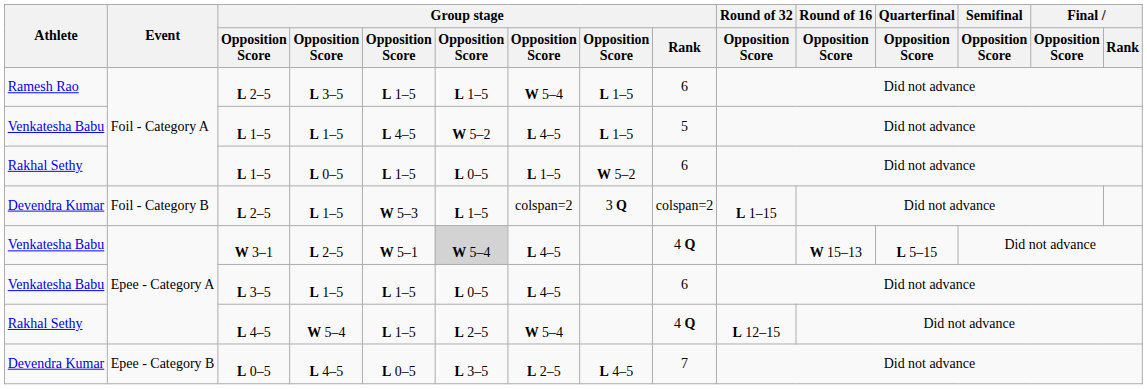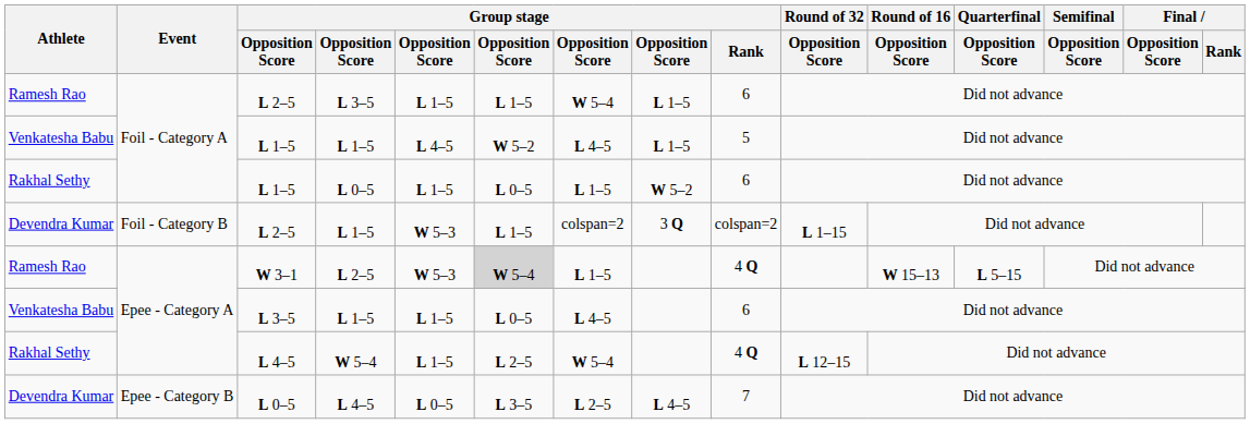 <table class=wikitable style="text-align:center; font-size:90%">
 <tr>
 <th rowspan=2>Athlete</th>
 <th rowspan=2>Event</th>
 <th colspan=7>Group stage</th>
 <th>Round of 32</th>
 <th>Round of 16</th>
 <th>Quarterfinal</th>
 <th>Semifinal</th>
 <th colspan=2>Final / </th>
 </tr>
 <tr>
 <th>Opposition<br>Score</th>
 <th>Opposition<br>Score</th>
 <th>Opposition<br>Score</th>
 <th>Opposition<br>Score</th>
 <th>Opposition<br>Score</th>
 <th>Opposition<br>Score</th>
 <th>Rank</th>
 <th>Opposition<br>Score</th>
 <th>Opposition<br>Score</th>
 <th>Opposition<br>Score</th>
 <th>Opposition<br>Score</th>
 <th>Opposition<br>Score</th>
 <th>Rank</th>
 </tr>
 <tr>
 <td align=left><a href='#'>Ramesh Rao</a></td>
 <td align=left rowspan=3>Foil - Category A</td>
 <td><br><strong>L</strong> 2–5</td>
 <td><br><strong>L</strong> 3–5</td>
 <td><br><strong>L</strong> 1–5</td>
 <td><br><strong>L</strong> 1–5</td>
 <td><br><strong>W</strong> 5–4</td>
 <td><br><strong>L</strong> 1–5</td>
 <td>6</td>
 <td colspan=6>Did not advance</td>
 </tr>
 <tr>
 <td align=left><a href='#'>Venkatesha Babu</a></td>
 <td><br><strong>L</strong> 1–5</td>
 <td><br><strong>L</strong> 1–5</td>
 <td><br><strong>L</strong> 4–5</td>
 <td><br><strong>W</strong> 5–2</td>
 <td><br><strong>L</strong> 4–5</td>
 <td><br><strong>L</strong> 1–5</td>
 <td>5</td>
 <td colspan=6>Did not advance</td>
 </tr>
 <tr>
 <td align=left><a href='#'>Rakhal Sethy</a></td>
 <td><br><strong>L</strong> 1–5</td>
 <td><br><strong>L</strong> 0–5</td>
 <td><br><strong>L</strong> 1–5</td>
 <td><br><strong>L</strong> 0–5</td>
 <td><br><strong>L</strong> 1–5</td>
 <td><br><strong>W</strong> 5–2</td>
 <td>6</td>
 <td colspan=6>Did not advance</td>
 </tr>
 <tr>
 <td align=left><a href='#'>Devendra Kumar</a></td>
 <td align=left>Foil - Category B</td>
 <td><br><strong>L</strong> 2–5</td>
 <td><br><strong>L</strong> 1–5</td>
 <td><br><strong>W</strong> 5–3</td>
 <td><br><strong>L</strong> 1–5</td>
 <td>colspan=2 </td>
 <td>3 <strong>Q</strong></td>
 <td>colspan=2 </td>
 <td><br><strong>L</strong> 1–15</td>
 <td colspan=4>Did not advance</td>
 </tr>
 <tr>
-<td align=left><a href='#'>Venkatesha Babu</a></td>
+<td align=left><a href='#'>Ramesh Rao</a></td>
 <td align=left rowspan=3>Epee - Category A</td>
 <td><br><strong>W</strong> 3–1</td>
 <td><br><strong>L</strong> 2–5</td>
-<td><br><strong>W</strong> 5–1</td>
+<td><br><strong>W</strong> 5–3</td>
 <td style="background: lightgrey;"><br><strong>W</strong> 5–4</td>
-<td><br><strong>L</strong> 4–5</td>
+<td><br><strong>L</strong> 1–5</td>
 <td></td>
 <td>4 <strong>Q</strong></td>
 <td></td>
 <td><br><strong>W</strong> 15–13</td>
 <td><br><strong>L</strong> 5–15</td>
 <td colspan=3>Did not advance</td>
 </tr>
 <tr>
 <td align=left><a href='#'>Venkatesha Babu</a></td>
 <td><br><strong>L</strong> 3–5</td>
 <td><br><strong>L</strong> 1–5</td>
 <td><br><strong>L</strong> 1–5</td>
 <td><br><strong>L</strong> 0–5</td>
 <td><br><strong>L</strong> 4–5</td>
 <td></td>
 <td>6</td>
 <td colspan=6>Did not advance</td>
 </tr>
 <tr>
 <td align=left><a href='#'>Rakhal Sethy</a></td>
 <td><br><strong>L</strong> 4–5</td>
 <td><br><strong>W</strong> 5–4</td>
 <td><br><strong>L</strong> 1–5</td>
 <td><br><strong>L</strong> 2–5</td>
 <td><br><strong>W</strong> 5–4</td>
 <td></td>
 <td>4 <strong>Q</strong></td>
 <td><br><strong>L</strong> 12–15</td>
 <td colspan=5>Did not advance</td>
 </tr>
 <tr>
 <td align=left><a href='#'>Devendra Kumar</a></td>
 <td align=left>Epee - Category B</td>
 <td><br><strong>L</strong> 0–5</td>
 <td><br><strong>L</strong> 4–5</td>
 <td><br><strong>L</strong> 0–5</td>
 <td><br><strong>L</strong> 3–5</td>
 <td><br><strong>L</strong> 2–5</td>
 <td><br><strong>L</strong> 4–5</td>
 <td>7</td>
 <td colspan=6>Did not advance</td>
 </tr>
 </table>
